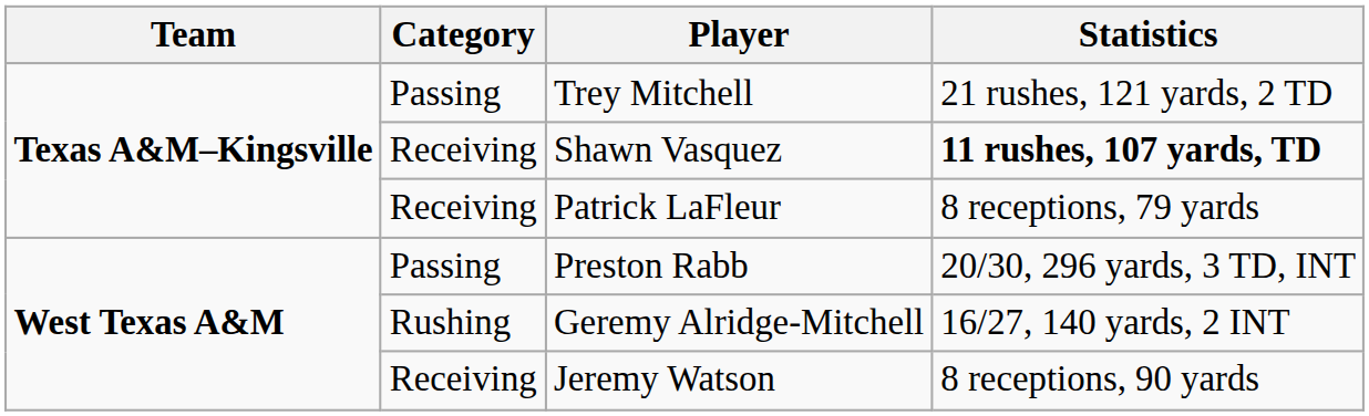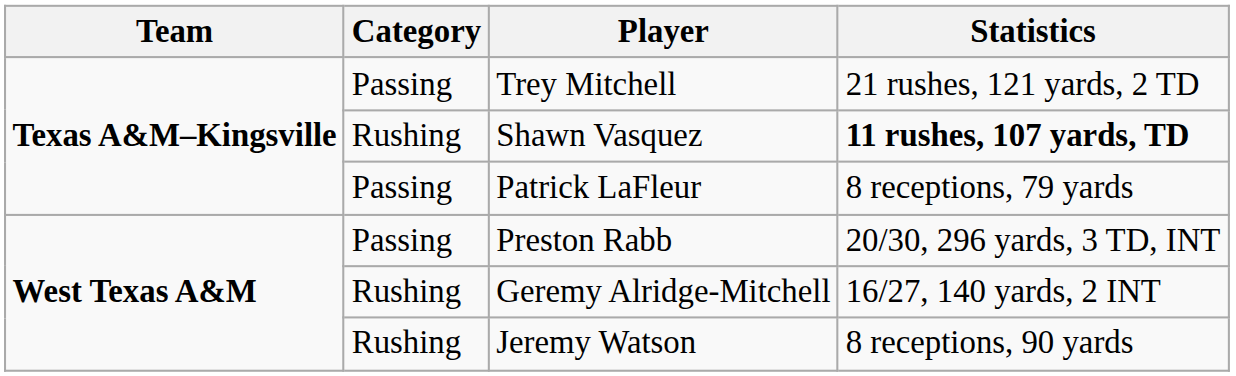 <table class="wikitable" style="float: left;">
 <tr>
 <th>Team</th>
 <th>Category</th>
 <th>Player</th>
 <th>Statistics</th>
 </tr>
 <tr>
 <td rowspan=3><strong>Texas A&M–Kingsville</strong></td>
 <td>Passing</td>
 <td>Trey Mitchell</td>
 <td>21 rushes, 121 yards, 2 TD</td>
 </tr>
 <tr>
-<td>Receiving</td>
+<td>Rushing</td>
 <td>Shawn Vasquez</td>
 <td><strong>11 rushes, 107 yards, TD</strong></td>
 </tr>
 <tr>
-<td>Receiving</td>
+<td>Passing</td>
 <td>Patrick LaFleur</td>
 <td>8 receptions, 79 yards</td>
 </tr>
 <tr>
 <td rowspan=3><strong>West Texas A&M</strong></td>
 <td>Passing</td>
 <td>Preston Rabb</td>
 <td>20/30, 296 yards, 3 TD, INT</td>
 </tr>
 <tr>
 <td>Rushing</td>
 <td>Geremy Alridge-Mitchell</td>
 <td>16/27, 140 yards, 2 INT</td>
 </tr>
 <tr>
-<td>Receiving</td>
+<td>Rushing</td>
 <td>Jeremy Watson</td>
 <td>8 receptions, 90 yards</td>
 </tr>
 </table>
